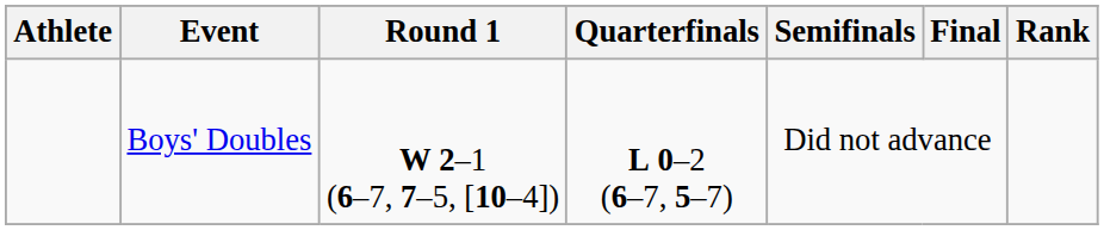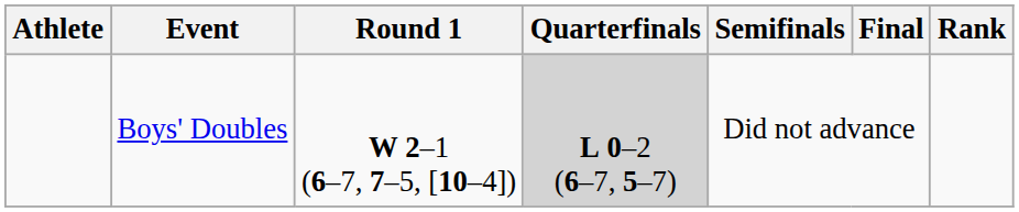 <table class=wikitable style="font-size:90%">
 <tr>
 <th>Athlete</th>
 <th>Event</th>
 <th>Round 1</th>
 <th>Quarterfinals</th>
 <th>Semifinals</th>
 <th>Final</th>
 <th>Rank</th>
 </tr>
 <tr>
 <td> <br></td>
 <td><a href='#'>Boys' Doubles</a></td>
 <td align=center><br><br><strong>W</strong> <strong>2</strong>–1<br> (<strong>6</strong>–7, <strong>7</strong>–5, [<strong>10</strong>–4])</td>
-<td align=center><br><br><strong>L</strong> <strong>0</strong>–2<br> (<strong>6</strong>–7, <strong>5</strong>–7)</td>
+<td align=center style="background: lightgrey;"><br><br><strong>L</strong> <strong>0</strong>–2<br> (<strong>6</strong>–7, <strong>5</strong>–7)</td>
 <td colspan=2 align=center>Did not advance</td>
 <td align=center></td>
 </tr>
 </table>
